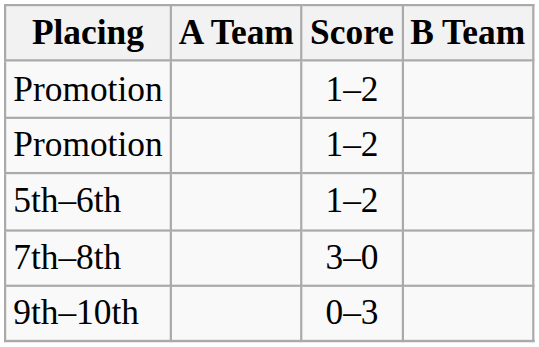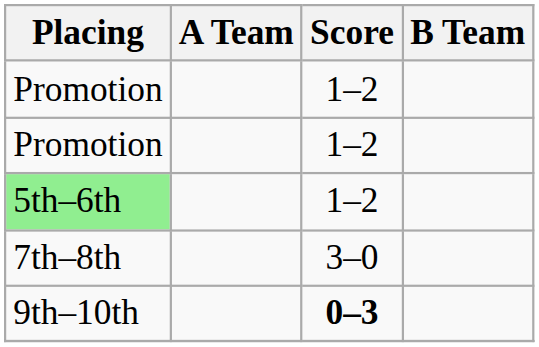 <table class=wikitable style="border:1px solid #AAAAAA;">
 <tr>
 <th>Placing</th>
 <th>A Team</th>
 <th>Score</th>
 <th>B Team</th>
 </tr>
 <tr>
 <td>Promotion</td>
 <td></td>
 <td align="center">1–2</td>
 <td><strong></strong></td>
 </tr>
 <tr>
 <td>Promotion</td>
 <td></td>
 <td align="center">1–2</td>
 <td><strong></strong></td>
 </tr>
 <tr>
-<td>5th–6th</td>
+<td style="background: lightgreen;">5th–6th</td>
 <td></td>
 <td align="center">1–2</td>
 <td></td>
 </tr>
 <tr>
 <td>7th–8th</td>
 <td></td>
 <td align="center">3–0</td>
 <td></td>
 </tr>
 <tr>
 <td>9th–10th</td>
 <td></td>
-<td align="center">0–3</td>
+<td align="center"><strong>0–3</strong></td>
 <td></td>
 </tr>
 <tr>
 </tr>
 </table>
